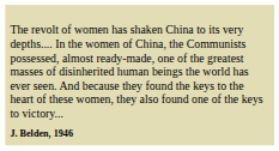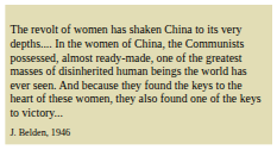 <table class="toccolours" style="float: right; margin-left: 1em; margin-right: 1em; font-size: 85%; background:#E2DDB5; color:black; width:23em; max-width: 25%;" cellspacing="5">
 <tr>
 <td style="text-align: left;"><br>The revolt of women has shaken China to its very depths.... In the women of China, the Communists possessed, almost ready-made, one of the greatest masses of disinherited human beings the world has ever seen. And because they found the keys to the heart of these women, they also found one of the keys to victory...</td>
 </tr>
 <tr>
-<td style="text-align: left;"><strong><small>J. Belden, 1946</small></strong></td>
+<td style="text-align: left;"><small>J. Belden, 1946</small></td>
 </tr>
 </table>
